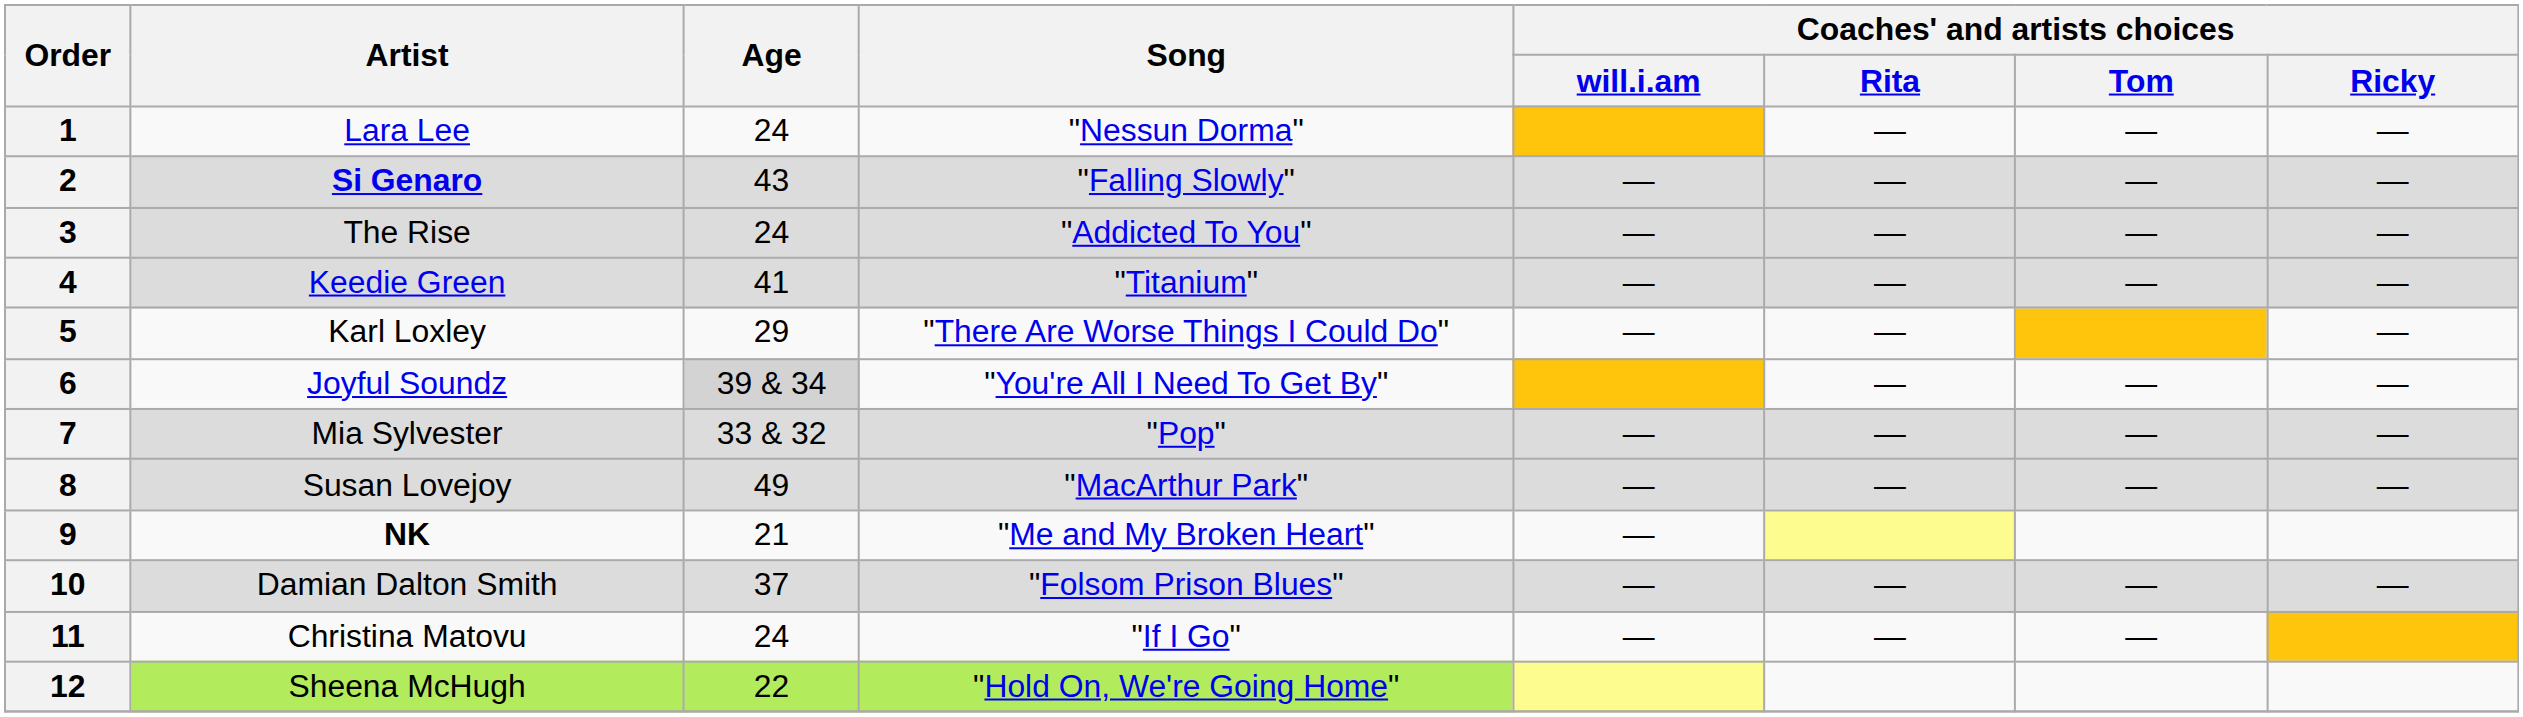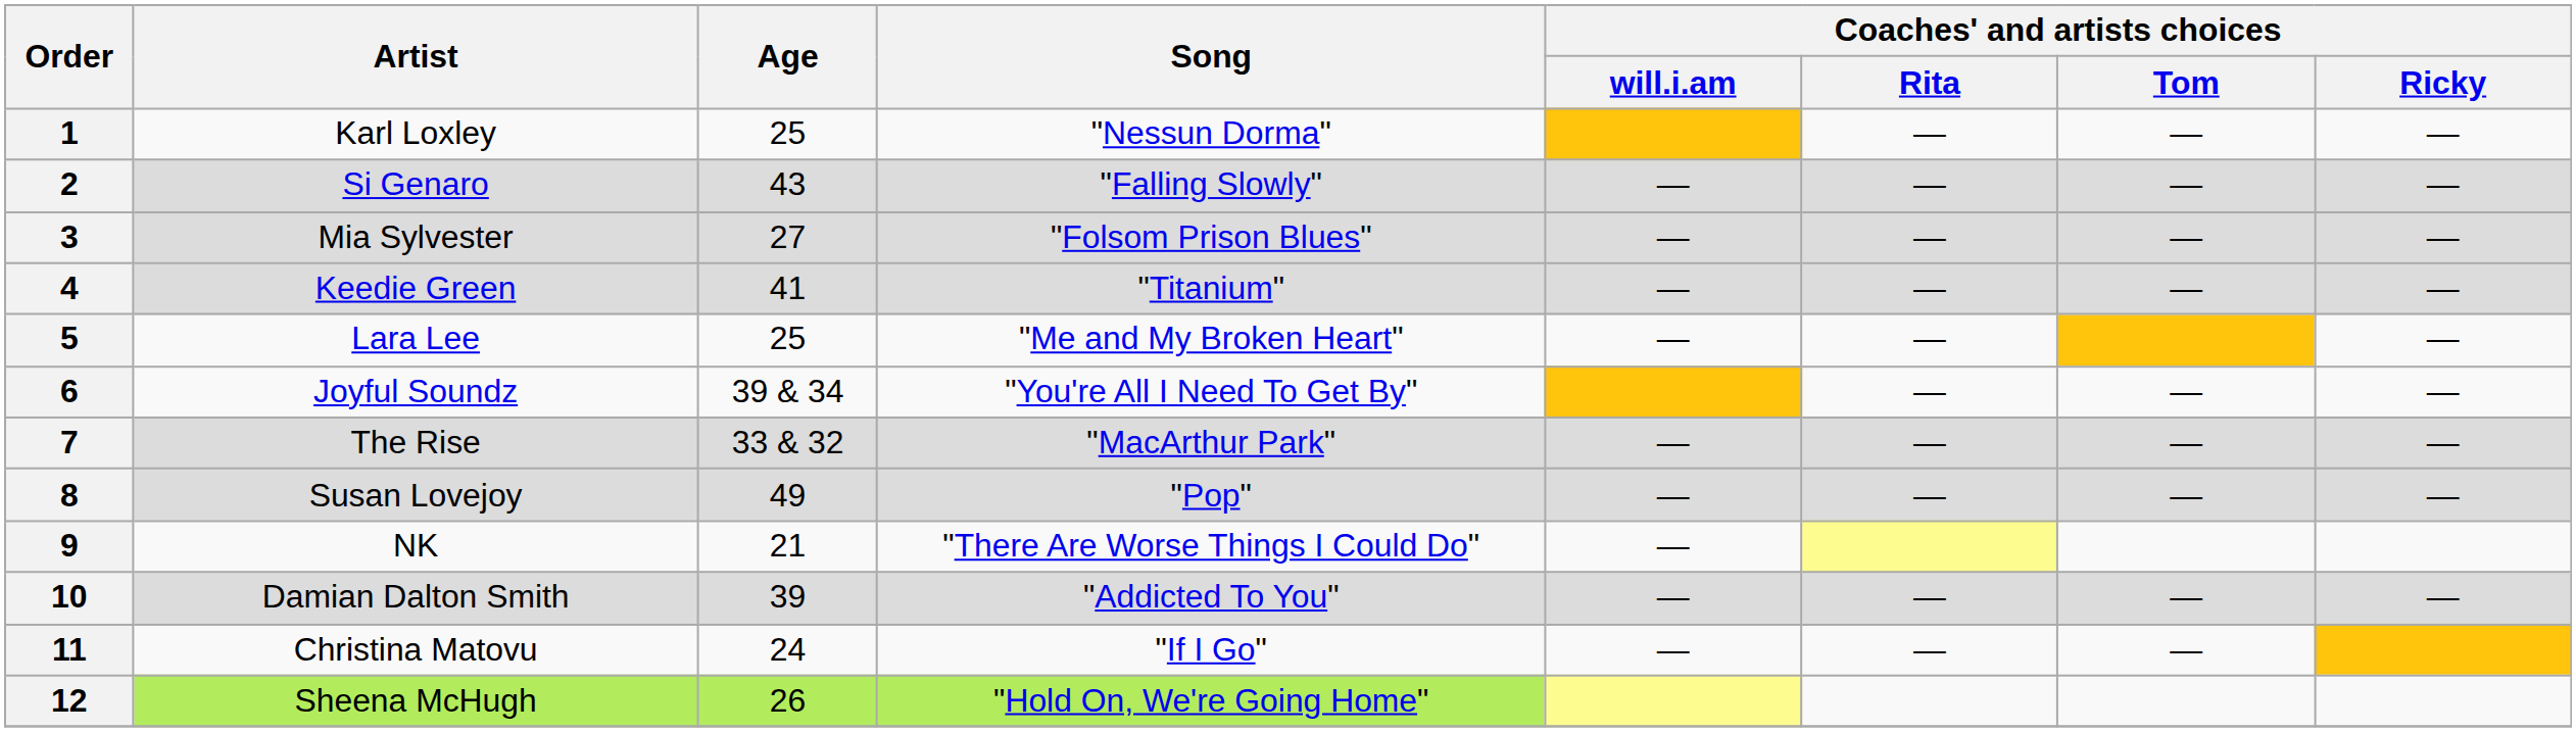 <table class="wikitable" style="text-align:center; width:100%;">
 <tr>
 <th scope="col" rowspan="2" style="width:05%;">Order</th>
 <th scope="col" rowspan="2" style="width:22%;">Artist</th>
 <th scope="col" rowspan="2" style="width:07%;">Age</th>
 <th scope="col" rowspan="2" style="width:26%;">Song</th>
 <th colspan="4" style="width:40%;">Coaches' and artists choices</th>
 </tr>
 <tr>
 <th style="width:10%;"><a href='#'>will.i.am</a></th>
 <th style="width:10%;"><a href='#'>Rita</a></th>
 <th style="width:10%;"><a href='#'>Tom</a></th>
 <th style="width:10%;"><a href='#'>Ricky</a></th>
 </tr>
 <tr>
 <th scope="col">1</th>
-<td><a href='#'>Lara Lee</a></td>
-<td>24</td>
+<td>Karl Loxley</td>
+<td>25</td>
 <td>"<a href='#'>Nessun Dorma</a>"</td>
 <td style="background:#FFC40C;text-align:center;"><strong></strong></td>
 <td>—</td>
 <td>—</td>
 <td>—</td>
 </tr>
 <tr style="background:#DCDCDC">
 <th scope="col">2</th>
-<td style="background:#DCDCDC; text-align:center;"><strong><a href='#'>Si Genaro</a></strong></td>
+<td style="background:#DCDCDC; text-align:center;"><a href='#'>Si Genaro</a></td>
 <td style="background:#DCDCDC; text-align:center;">43</td>
 <td style="background:#DCDCDC; text-align:center;">"<a href='#'>Falling Slowly</a>"</td>
 <td>—</td>
 <td>—</td>
 <td>—</td>
 <td>—</td>
 </tr>
 <tr style="background:#DCDCDC">
 <th scope="col">3</th>
-<td style="background:#DCDCDC; text-align:center;">The Rise</td>
-<td style="background:#DCDCDC; text-align:center;">24</td>
-<td style="background:#DCDCDC; text-align:center;">"<a href='#'>Addicted To You</a>"</td>
+<td style="background:#DCDCDC; text-align:center;">Mia Sylvester</td>
+<td style="background:#DCDCDC; text-align:center;">27</td>
+<td style="background:#DCDCDC; text-align:center;">"<a href='#'>Folsom Prison Blues</a>"</td>
 <td>—</td>
 <td>—</td>
 <td>—</td>
 <td>—</td>
 </tr>
 <tr style="background:#DCDCDC">
 <th scope="col">4</th>
 <td style="background:#DCDCDC; text-align:center;"><a href='#'>Keedie Green</a></td>
 <td style="background:#DCDCDC; text-align:center;">41</td>
 <td style="background:#DCDCDC; text-align:center;">"<a href='#'>Titanium</a>"</td>
 <td>—</td>
 <td>—</td>
 <td>—</td>
 <td>—</td>
 </tr>
 <tr>
 <th scope="col">5</th>
-<td>Karl Loxley</td>
-<td>29</td>
-<td>"<a href='#'>There Are Worse Things I Could Do</a>"</td>
+<td><a href='#'>Lara Lee</a></td>
+<td>25</td>
+<td>"<a href='#'>Me and My Broken Heart</a>"</td>
 <td>—</td>
 <td>—</td>
 <td style="background:#FFC40C;text-align:center;"><strong></strong></td>
 <td>—</td>
 </tr>
 <tr>
 <th>6</th>
 <td><a href='#'>Joyful Soundz</a></td>
-<td style="background: lightgrey;">39 & 34</td>
+<td>39 & 34</td>
 <td>"<a href='#'>You're All I Need To Get By</a>"</td>
 <td style="background:#FFC40C;text-align:center;"><strong></strong></td>
 <td>—</td>
 <td>—</td>
 <td>—</td>
 </tr>
 <tr style="background:#DCDCDC">
 <th scope="col">7</th>
-<td style="background:#DCDCDC; text-align:center;">Mia Sylvester</td>
+<td style="background:#DCDCDC; text-align:center;">The Rise</td>
 <td style="background:#DCDCDC; text-align:center;">33 & 32</td>
-<td style="background:#DCDCDC; text-align:center;">"<a href='#'>Pop</a>"</td>
+<td style="background:#DCDCDC; text-align:center;">"<a href='#'>MacArthur Park</a>"</td>
 <td>—</td>
 <td>—</td>
 <td>—</td>
 <td>—</td>
 </tr>
 <tr style="background:#DCDCDC">
 <th scope="col">8</th>
 <td style="background:#DCDCDC; text-align:center;">Susan Lovejoy</td>
 <td style="background:#DCDCDC; text-align:center;">49</td>
-<td style="background:#DCDCDC; text-align:center;">"<a href='#'>MacArthur Park</a>"</td>
+<td style="background:#DCDCDC; text-align:center;">"<a href='#'>Pop</a>"</td>
 <td>—</td>
 <td>—</td>
 <td>—</td>
 <td>—</td>
 </tr>
 <tr>
 <th scope="col">9</th>
-<td><strong>NK</strong></td>
+<td>NK</td>
 <td>21</td>
-<td>"<a href='#'>Me and My Broken Heart</a>"</td>
+<td>"<a href='#'>There Are Worse Things I Could Do</a>"</td>
 <td>—</td>
 <td style="background:#fdfc8f;text-align:center;"><strong></strong></td>
 <td><strong></strong></td>
 <td><strong></strong></td>
 </tr>
 <tr style="background:#DCDCDC">
 <th scope="col">10</th>
 <td style="background:#DCDCDC; text-align:center;">Damian Dalton Smith</td>
-<td style="background:#DCDCDC; text-align:center;">37</td>
-<td style="background:#DCDCDC; text-align:center;">"<a href='#'>Folsom Prison Blues</a>"</td>
+<td style="background:#DCDCDC; text-align:center;">39</td>
+<td style="background:#DCDCDC; text-align:center;">"<a href='#'>Addicted To You</a>"</td>
 <td>—</td>
 <td>—</td>
 <td>—</td>
 <td>—</td>
 </tr>
 <tr>
 <th scope="col">11</th>
 <td>Christina Matovu</td>
 <td>24</td>
 <td>"<a href='#'>If I Go</a>"</td>
 <td>—</td>
 <td>—</td>
 <td>—</td>
 <td style="background:#FFC40C;text-align:center;"><strong></strong></td>
 </tr>
 <tr>
 <th scope="col">12</th>
 <td style="background-color:#B2EC5D;">Sheena McHugh</td>
-<td style="background-color:#B2EC5D;">22</td>
+<td style="background-color:#B2EC5D;">26</td>
 <td style="background-color:#B2EC5D;">"<a href='#'>Hold On, We're Going Home</a>"</td>
 <td style="background:#fdfc8f;text-align:center;"><strong></strong></td>
 <td><strong></strong></td>
 <td><strong></strong></td>
 <td><strong></strong></td>
 </tr>
 <tr>
 </tr>
 </table>
